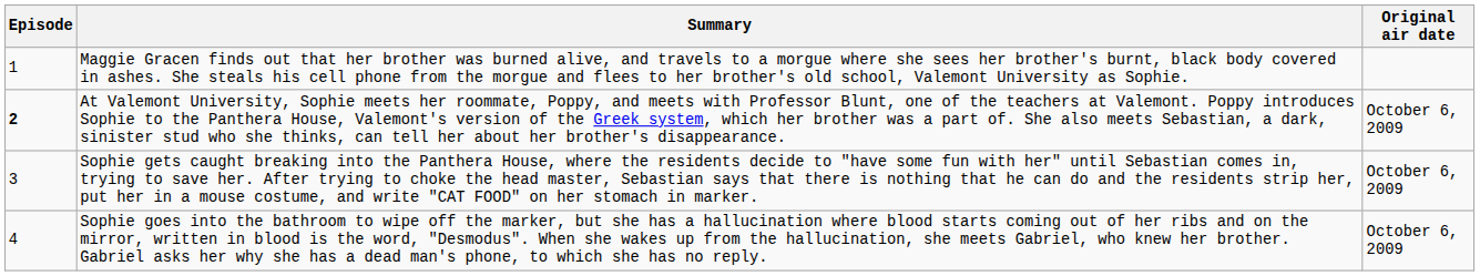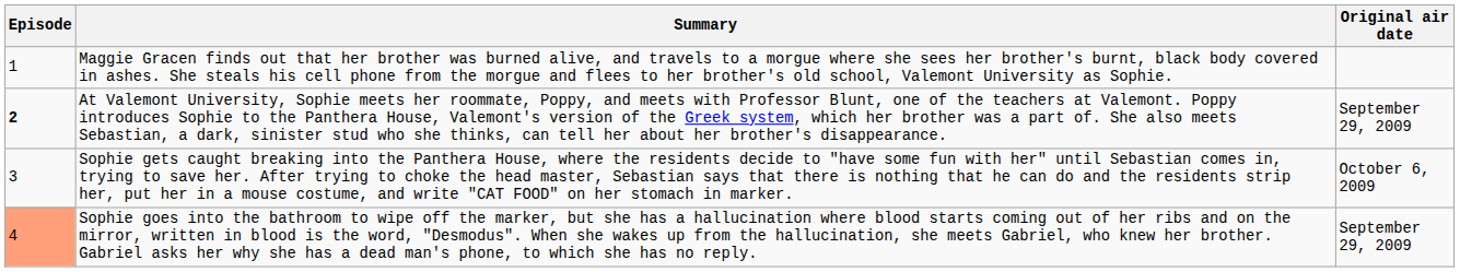 <table class="wikitable" border="1">
 <tr>
 <th>Episode</th>
 <th>Summary</th>
 <th>Original air date</th>
 </tr>
 <tr>
 <td>1</td>
 <td>Maggie Gracen finds out that her brother was burned alive, and travels to a morgue where she sees her brother's burnt, black body covered in ashes. She steals his cell phone from the morgue and flees to her brother's old school, Valemont University as Sophie.</td>
 <td></td>
 </tr>
 <tr>
 <td><strong>2</strong></td>
 <td>At Valemont University, Sophie meets her roommate, Poppy, and meets with Professor Blunt, one of the teachers at Valemont. Poppy introduces Sophie to the Panthera House, Valemont's version of the <a href='#'>Greek system</a>, which her brother was a part of. She also meets Sebastian, a dark, sinister stud who she thinks, can tell her about her brother's disappearance.</td>
-<td>October 6, 2009</td>
+<td>September 29, 2009</td>
 </tr>
 <tr>
 <td>3</td>
 <td>Sophie gets caught breaking into the Panthera House, where the residents decide to "have some fun with her" until Sebastian comes in, trying to save her. After trying to choke the head master, Sebastian says that there is nothing that he can do and the residents strip her, put her in a mouse costume, and write "CAT FOOD" on her stomach in marker.</td>
 <td>October 6, 2009</td>
 </tr>
 <tr>
-<td>4</td>
+<td style="background: lightsalmon;">4</td>
 <td>Sophie goes into the bathroom to wipe off the marker, but she has a hallucination where blood starts coming out of her ribs and on the mirror, written in blood is the word, "Desmodus". When she wakes up from the hallucination, she meets Gabriel, who knew her brother. Gabriel asks her why she has a dead man's phone, to which she has no reply.</td>
-<td>October 6, 2009</td>
+<td>September 29, 2009</td>
 </tr>
 </table>
